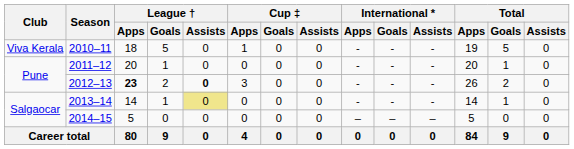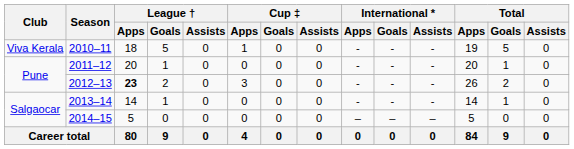 <table class="wikitable" style="font-size:90%; text-align:center;">
 <tr>
 <th rowspan="2">Club</th>
 <th rowspan="2">Season</th>
 <th colspan="3">League †</th>
 <th colspan="3">Cup ‡</th>
 <th colspan="3">International *</th>
 <th colspan="3">Total</th>
 </tr>
 <tr>
 <th>Apps</th>
 <th>Goals</th>
 <th>Assists</th>
 <th>Apps</th>
 <th>Goals</th>
 <th>Assists</th>
 <th>Apps</th>
 <th>Goals</th>
 <th>Assists</th>
 <th>Apps</th>
 <th>Goals</th>
 <th>Assists</th>
 </tr>
 <tr>
 <td rowspan="1"><a href='#'>Viva Kerala</a></td>
 <td><a href='#'>2010–11</a></td>
 <td>18</td>
 <td>5</td>
 <td>0</td>
 <td>1</td>
 <td>0</td>
 <td>0</td>
 <td>-</td>
 <td>-</td>
 <td>-</td>
 <td>19</td>
 <td>5</td>
 <td>0</td>
 </tr>
 <tr>
 <td rowspan="2"><a href='#'>Pune</a></td>
 <td><a href='#'>2011–12</a></td>
 <td>20</td>
 <td>1</td>
 <td>0</td>
 <td>0</td>
 <td>0</td>
 <td>0</td>
 <td>-</td>
 <td>-</td>
 <td>-</td>
 <td>20</td>
 <td>1</td>
 <td>0</td>
 </tr>
 <tr>
 <td><a href='#'>2012–13</a></td>
 <td><strong>23</strong></td>
 <td>2</td>
-<td><strong>0</strong></td>
+<td>0</td>
 <td>3</td>
 <td>0</td>
 <td>0</td>
 <td>-</td>
 <td>-</td>
 <td>-</td>
 <td>26</td>
 <td>2</td>
 <td>0</td>
 </tr>
 <tr>
 <td rowspan=2><a href='#'>Salgaocar</a></td>
 <td><a href='#'>2013–14</a></td>
 <td>14</td>
 <td>1</td>
-<td style="background: khaki;">0</td>
+<td>0</td>
 <td>0</td>
 <td>0</td>
 <td>0</td>
 <td>-</td>
 <td>-</td>
 <td>-</td>
 <td>14</td>
 <td>1</td>
 <td>0</td>
 </tr>
 <tr>
 <td><a href='#'>2014–15</a></td>
 <td>5</td>
 <td>0</td>
 <td>0</td>
 <td>0</td>
 <td>0</td>
 <td>0</td>
 <td>–</td>
 <td>–</td>
 <td>–</td>
 <td>5</td>
 <td>0</td>
 <td>0</td>
 </tr>
 <tr>
 <th colspan="2">Career total</th>
 <th>80</th>
 <th>9</th>
 <th>0</th>
 <th>4</th>
 <th>0</th>
 <th>0</th>
 <th>0</th>
 <th>0</th>
 <th>0</th>
 <th>84</th>
 <th>9</th>
 <th>0</th>
 </tr>
 </table>
